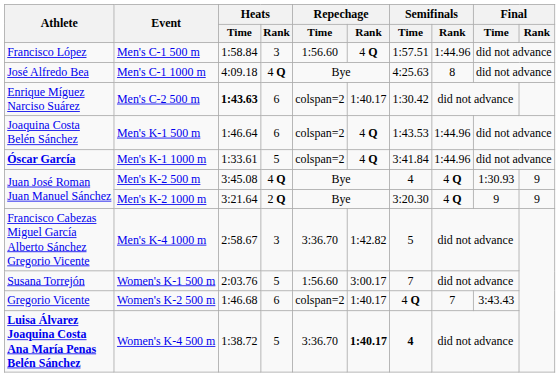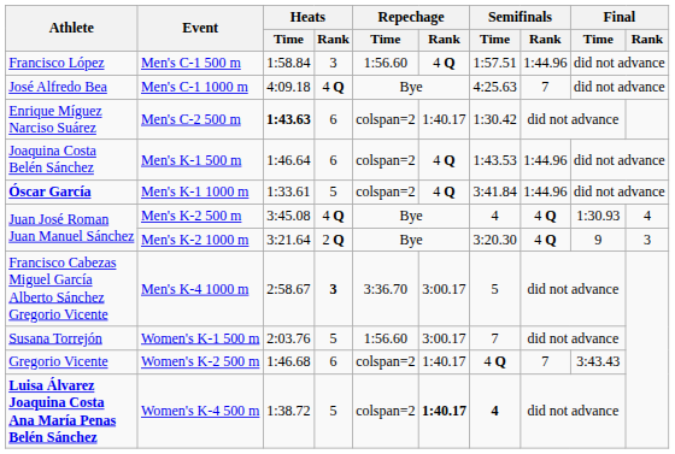 <table class=wikitable style="font-size:90%">
 <tr>
 <th rowspan="2">Athlete</th>
 <th rowspan="2">Event</th>
 <th colspan=2>Heats</th>
 <th colspan=2>Repechage</th>
 <th colspan=2>Semifinals</th>
 <th colspan=2>Final</th>
 </tr>
 <tr style="font-size:95%">
 <th>Time</th>
 <th>Rank</th>
 <th>Time</th>
 <th>Rank</th>
 <th>Time</th>
 <th>Rank</th>
 <th>Time</th>
 <th>Rank</th>
 </tr>
 <tr align=center>
 <td align=left><a href='#'>Francisco López</a></td>
 <td align=left><a href='#'>Men's C-1 500 m</a></td>
 <td>1:58.84</td>
 <td>3</td>
 <td>1:56.60</td>
 <td>4 <strong>Q</strong></td>
 <td>1:57.51</td>
 <td>1:44.96</td>
 <td colspan=2>did not advance</td>
 </tr>
 <tr align=center>
 <td align=left><a href='#'>José Alfredo Bea</a></td>
 <td align=left><a href='#'>Men's C-1 1000 m</a></td>
 <td>4:09.18</td>
 <td>4 <strong>Q</strong></td>
 <td colspan=2>Bye</td>
 <td>4:25.63</td>
-<td>8</td>
+<td>7</td>
 <td colspan=2>did not advance</td>
 </tr>
 <tr align=center>
 <td align=left><a href='#'>Enrique Míguez</a><br><a href='#'>Narciso Suárez</a></td>
 <td align=left><a href='#'>Men's C-2 500 m</a></td>
 <td><strong>1:43.63</strong></td>
 <td>6</td>
 <td>colspan=2 </td>
 <td>1:40.17</td>
 <td>1:30.42</td>
 <td colspan=2>did not advance</td>
 </tr>
 <tr align=center>
 <td align=left><a href='#'>Joaquina Costa</a><br><a href='#'>Belén Sánchez</a></td>
 <td align=left><a href='#'>Men's K-1 500 m</a></td>
 <td>1:46.64</td>
 <td>6</td>
 <td>colspan=2 </td>
 <td>4 <strong>Q</strong></td>
 <td>1:43.53</td>
 <td>1:44.96</td>
 <td colspan=2>did not advance</td>
 </tr>
 <tr align=center>
 <td align=left><strong><a href='#'>Óscar García</a></strong></td>
 <td align=left><a href='#'>Men's K-1 1000 m</a></td>
 <td>1:33.61</td>
 <td>5</td>
 <td>colspan=2 </td>
 <td>4 <strong>Q</strong></td>
 <td>3:41.84</td>
 <td>1:44.96</td>
 <td colspan=2>did not advance</td>
 </tr>
 <tr align=center>
 <td align=left rowspan=2><a href='#'>Juan José Roman</a><br><a href='#'>Juan Manuel Sánchez</a></td>
 <td align=left><a href='#'>Men's K-2 500 m</a></td>
 <td>3:45.08</td>
 <td>4 <strong>Q</strong></td>
 <td colspan=2>Bye</td>
 <td>4</td>
 <td>4 <strong>Q</strong></td>
 <td>1:30.93</td>
-<td>9</td>
+<td>4</td>
 </tr>
 <tr align=center>
 <td align=left><a href='#'>Men's K-2 1000 m</a></td>
 <td>3:21.64</td>
 <td>2 <strong>Q</strong></td>
 <td colspan=2>Bye</td>
 <td>3:20.30</td>
 <td>4 <strong>Q</strong></td>
 <td>9</td>
-<td>9</td>
+<td>3</td>
 </tr>
 <tr align=center>
 <td align=left><a href='#'>Francisco Cabezas</a><br><a href='#'>Miguel García</a><br><a href='#'>Alberto Sánchez</a><br><a href='#'>Gregorio Vicente</a></td>
 <td align=left><a href='#'>Men's K-4 1000 m</a></td>
 <td>2:58.67</td>
-<td>3</td>
+<td><strong>3</strong></td>
 <td>3:36.70</td>
-<td>1:42.82</td>
+<td>3:00.17</td>
 <td>5</td>
 <td colspan=2>did not advance</td>
 </tr>
 <tr align=center>
 <td align=left><a href='#'>Susana Torrejón</a></td>
 <td align=left><a href='#'>Women's K-1 500 m</a></td>
 <td>2:03.76</td>
 <td>5</td>
 <td>1:56.60</td>
 <td>3:00.17</td>
 <td>7</td>
 <td colspan=2>did not advance</td>
 </tr>
 <tr align=center>
 <td align=left><a href='#'>Gregorio Vicente</a></td>
 <td align=left><a href='#'>Women's K-2 500 m</a></td>
 <td>1:46.68</td>
 <td>6</td>
 <td>colspan=2 </td>
 <td>1:40.17</td>
 <td>4 <strong>Q</strong></td>
 <td>7</td>
 <td>3:43.43</td>
 </tr>
 <tr align=center>
 <td align=left><strong><a href='#'>Luisa Álvarez</a><br><a href='#'>Joaquina Costa</a><br><a href='#'>Ana María Penas</a><br><a href='#'>Belén Sánchez</a></strong></td>
 <td align=left><a href='#'>Women's K-4 500 m</a></td>
 <td>1:38.72</td>
 <td>5</td>
-<td>3:36.70</td>
+<td>colspan=2 </td>
 <td><strong>1:40.17</strong></td>
 <td><strong>4</strong></td>
 <td colspan=2>did not advance</td>
 </tr>
 </table>
